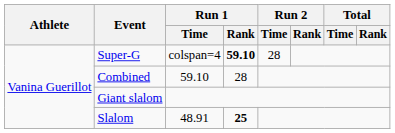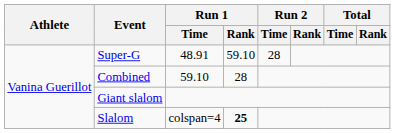 <table class="wikitable" style="font-size:90%">
 <tr>
 <th rowspan=2>Athlete</th>
 <th rowspan=2>Event</th>
 <th colspan=2>Run 1</th>
 <th colspan=2>Run 2</th>
 <th colspan=2>Total</th>
 </tr>
 <tr style="font-size:95%">
 <th>Time</th>
 <th>Rank</th>
 <th>Time</th>
 <th>Rank</th>
 <th>Time</th>
 <th>Rank</th>
 </tr>
 <tr align=center>
 <td align="left" rowspan="4"><a href='#'>Vanina Guerillot</a></td>
 <td align="left"><a href='#'>Super-G</a></td>
-<td>colspan=4</td>
-<td><strong>59.10</strong></td>
+<td>48.91</td>
+<td>59.10</td>
 <td>28</td>
 </tr>
 <tr align=center>
 <td align="left"><a href='#'>Combined</a></td>
 <td>59.10</td>
 <td>28</td>
 <td colspan=4></td>
 </tr>
 <tr align=center>
 <td align="left"><a href='#'>Giant slalom</a></td>
 <td colspan=6></td>
 </tr>
 <tr align=center>
 <td align="left"><a href='#'>Slalom</a></td>
-<td>48.91</td>
+<td>colspan=4</td>
 <td><strong>25</strong></td>
 <td colspan=4></td>
 </tr>
 </table>
